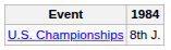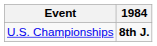 <table class="wikitable" style="text-align:center">
 <tr>
 <th>Event</th>
 <th>1984</th>
 </tr>
 <tr>
 <td align=left><a href='#'>U.S. Championships</a></td>
-<td>8th J.</td>
+<td><strong>8th J.</strong></td>
 </tr>
 </table>
